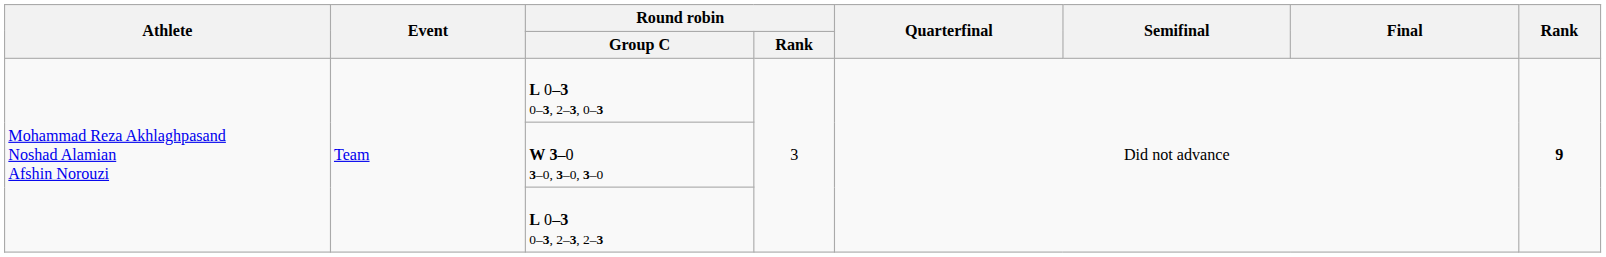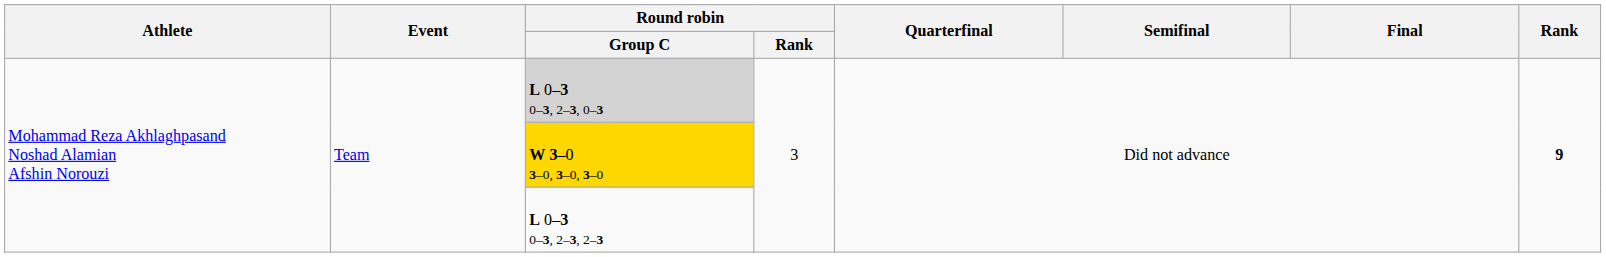 <table class="wikitable" width="90%" style="text-align:left; font-size:90%">
 <tr>
 <th rowspan="2" width="20%">Athlete</th>
 <th rowspan="2" width="12%">Event</th>
 <th colspan="2">Round robin</th>
 <th rowspan="2" width="14%">Quarterfinal</th>
 <th rowspan="2" width="14%">Semifinal</th>
 <th rowspan="2" width="14%">Final</th>
 <th rowspan="2" width="5%">Rank</th>
 </tr>
 <tr>
 <th width="14%">Group C</th>
 <th width="5%">Rank</th>
 </tr>
 <tr>
 <td rowspan="3"><a href='#'>Mohammad Reza Akhlaghpasand</a><br><a href='#'>Noshad Alamian</a><br><a href='#'>Afshin Norouzi</a></td>
 <td rowspan="3"><a href='#'>Team</a></td>
-<td><br><strong>L</strong> 0–<strong>3</strong><br><small>0–<strong>3</strong>, 2–<strong>3</strong>, 0–<strong>3</strong></small></td>
+<td style="background: lightgrey;"><br><strong>L</strong> 0–<strong>3</strong><br><small>0–<strong>3</strong>, 2–<strong>3</strong>, 0–<strong>3</strong></small></td>
 <td rowspan="3" align=center>3</td>
 <td rowspan="3" colspan=3 align=center>Did not advance</td>
 <td rowspan="3" align="center"><strong>9</strong></td>
 </tr>
 <tr>
-<td><br><strong>W</strong> <strong>3</strong>–0<br><small><strong>3</strong>–0, <strong>3</strong>–0, <strong>3</strong>–0</small></td>
+<td style="background: gold;"><br><strong>W</strong> <strong>3</strong>–0<br><small><strong>3</strong>–0, <strong>3</strong>–0, <strong>3</strong>–0</small></td>
 </tr>
 <tr>
 <td><br><strong>L</strong> 0–<strong>3</strong><br><small>0–<strong>3</strong>, 2–<strong>3</strong>, 2–<strong>3</strong></small></td>
 </tr>
 </table>
